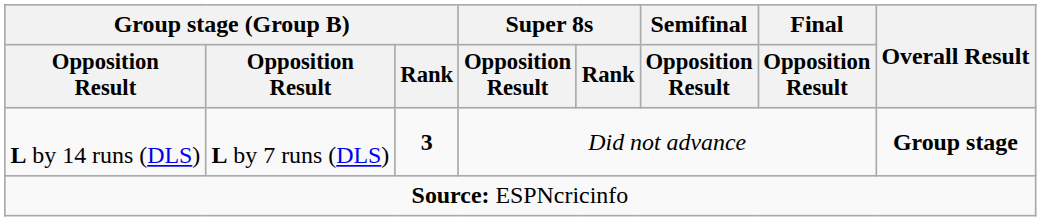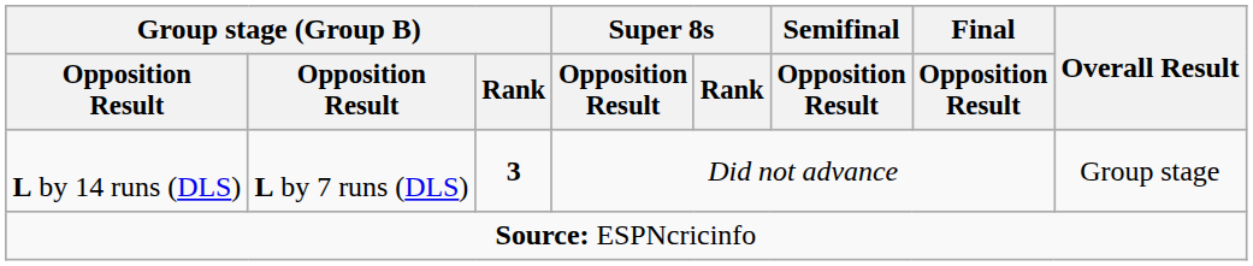 <table class=wikitable style=font-size:90%;text-align:center>
 <tr>
 <th colspan=3>Group stage (Group B)</th>
 <th colspan=2>Super 8s</th>
 <th>Semifinal</th>
 <th>Final</th>
 <th rowspan=2>Overall Result</th>
 </tr>
 <tr style=font-size:95%>
 <th>Opposition<br>Result</th>
 <th>Opposition<br>Result</th>
 <th>Rank</th>
 <th>Opposition<br>Result</th>
 <th>Rank</th>
 <th>Opposition<br>Result</th>
 <th>Opposition<br>Result</th>
 </tr>
 <tr>
 <td><br><strong>L</strong> by 14 runs (<a href='#'>DLS</a>)</td>
 <td><br><strong>L</strong> by 7 runs (<a href='#'>DLS</a>)</td>
 <td><strong>3</strong></td>
 <td colspan=4><em>Did not advance</em></td>
-<td><strong>Group stage</strong></td>
+<td>Group stage</td>
 </tr>
 <tr>
 <td colspan="11"><strong>Source:</strong> ESPNcricinfo</td>
 </tr>
 </table>
